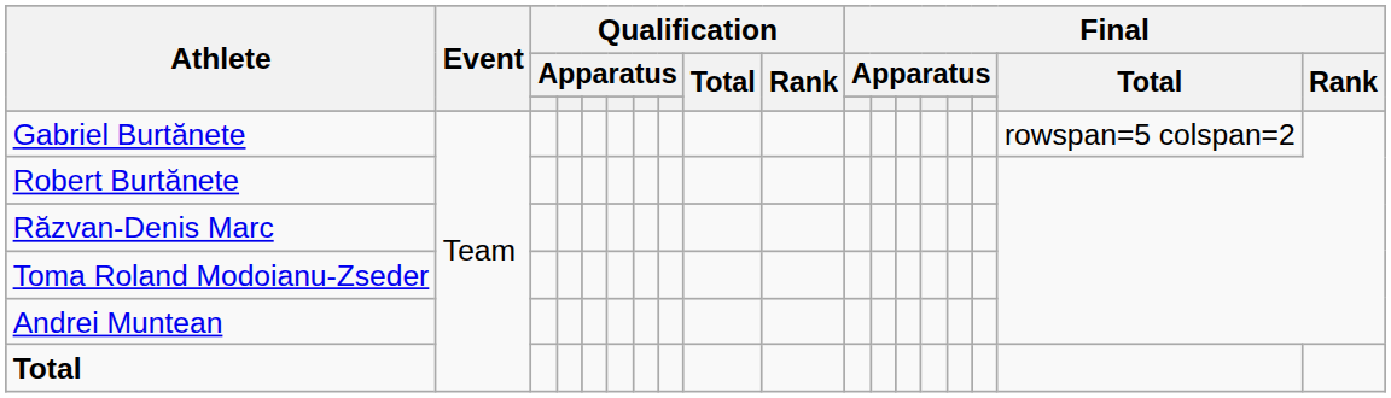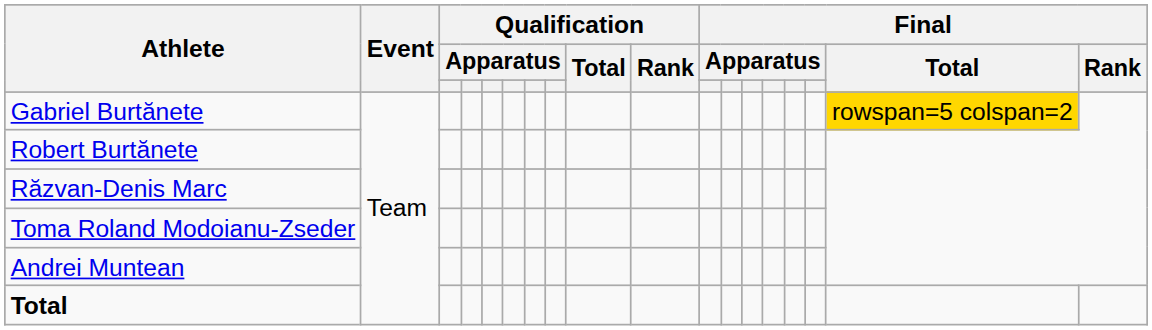 <table class="wikitable" style="font-size:90%">
 <tr>
 <th rowspan=3>Athlete</th>
 <th rowspan=3>Event</th>
 <th colspan =8>Qualification</th>
 <th colspan =8>Final</th>
 </tr>
 <tr style="font-size:95%">
 <th colspan=6>Apparatus</th>
 <th rowspan=2>Total</th>
 <th rowspan=2>Rank</th>
 <th colspan=6>Apparatus</th>
 <th rowspan=2>Total</th>
 <th rowspan=2>Rank</th>
 </tr>
 <tr style="font-size:95%">
 <th></th>
 <th></th>
 <th></th>
 <th></th>
 <th></th>
 <th></th>
 <th></th>
 <th></th>
 <th></th>
 <th></th>
 <th></th>
 <th></th>
 </tr>
 <tr align=center>
 <td align=left><a href='#'>Gabriel Burtănete</a></td>
 <td align=left rowspan=6>Team</td>
 <td></td>
 <td></td>
 <td></td>
 <td></td>
 <td></td>
 <td></td>
 <td></td>
 <td></td>
 <td></td>
 <td></td>
 <td></td>
 <td></td>
 <td></td>
 <td></td>
-<td>rowspan=5 colspan=2</td>
+<td style="background: gold;">rowspan=5 colspan=2</td>
 </tr>
 <tr align=center>
 <td align=left><a href='#'>Robert Burtănete</a></td>
 <td></td>
 <td></td>
 <td></td>
 <td></td>
 <td></td>
 <td></td>
 <td></td>
 <td></td>
 <td></td>
 <td></td>
 <td></td>
 <td></td>
 <td></td>
 <td></td>
 </tr>
 <tr align=center>
 <td align=left><a href='#'>Răzvan-Denis Marc</a></td>
 <td></td>
 <td></td>
 <td></td>
 <td></td>
 <td></td>
 <td></td>
 <td></td>
 <td></td>
 <td></td>
 <td></td>
 <td></td>
 <td></td>
 <td></td>
 <td></td>
 </tr>
 <tr align=center>
 <td align=left><a href='#'>Toma Roland Modoianu-Zseder</a></td>
 <td></td>
 <td></td>
 <td></td>
 <td></td>
 <td></td>
 <td></td>
 <td></td>
 <td></td>
 <td></td>
 <td></td>
 <td></td>
 <td></td>
 <td></td>
 <td></td>
 </tr>
 <tr align=center>
 <td align=left><a href='#'>Andrei Muntean</a></td>
 <td></td>
 <td></td>
 <td></td>
 <td></td>
 <td></td>
 <td></td>
 <td></td>
 <td></td>
 <td></td>
 <td></td>
 <td></td>
 <td></td>
 <td></td>
 <td></td>
 </tr>
 <tr align=center>
 <td align=left><strong>Total</strong></td>
 <td></td>
 <td></td>
 <td></td>
 <td></td>
 <td></td>
 <td></td>
 <td></td>
 <td></td>
 <td></td>
 <td></td>
 <td></td>
 <td></td>
 <td></td>
 <td></td>
 <td></td>
 <td></td>
 </tr>
 </table>
